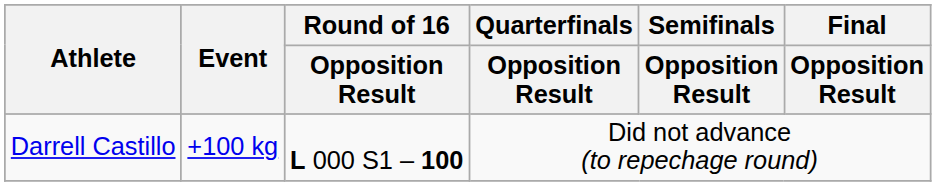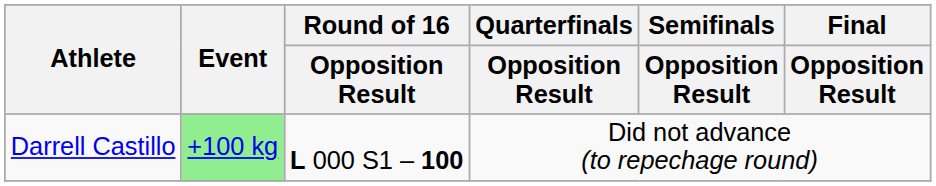 <table class="wikitable" style="font-size:90%">
 <tr>
 <th rowspan="2">Athlete</th>
 <th rowspan="2">Event</th>
 <th>Round of 16</th>
 <th>Quarterfinals</th>
 <th>Semifinals</th>
 <th>Final</th>
 </tr>
 <tr>
 <th>Opposition<br>Result</th>
 <th>Opposition<br>Result</th>
 <th>Opposition<br>Result</th>
 <th>Opposition<br>Result</th>
 </tr>
 <tr>
 <td><a href='#'>Darrell Castillo</a></td>
-<td><a href='#'>+100 kg</a></td>
+<td style="background: lightgreen;"><a href='#'>+100 kg</a></td>
 <td align=center><br><strong>L</strong> 000 S1 – <strong>100</strong></td>
 <td align=center colspan="5">Did not advance<br><em>(to repechage round)</em></td>
 </tr>
 </table>
